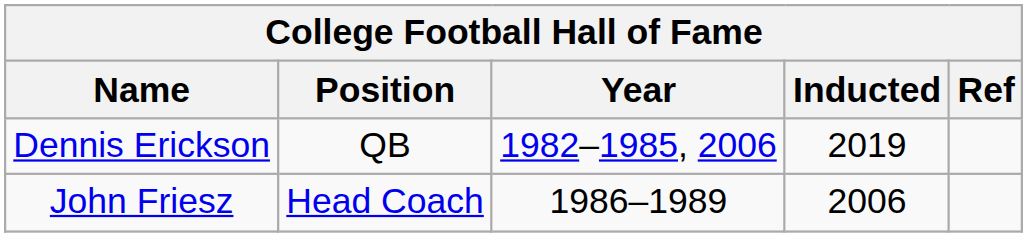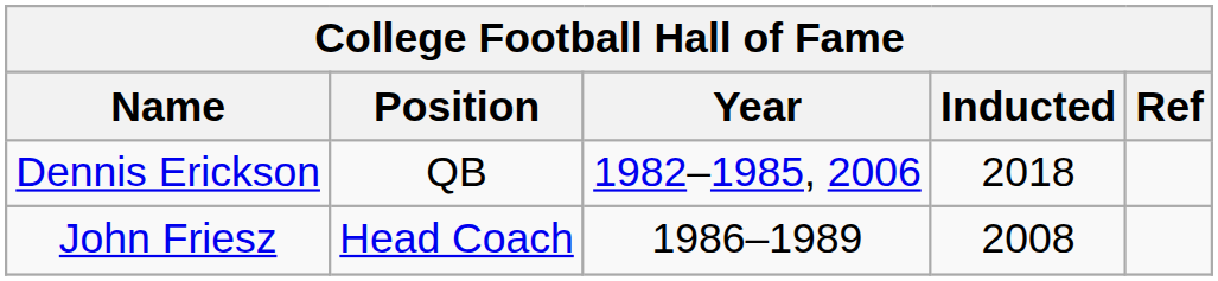 <table class="wikitable">
 <tr align="center">
 <th colspan=5>College Football Hall of Fame</th>
 </tr>
 <tr>
 <th>Name</th>
 <th>Position</th>
 <th>Year</th>
 <th>Inducted</th>
 <th>Ref</th>
 </tr>
 <tr align="center" bgcolor="">
 <td><a href='#'>Dennis Erickson</a></td>
 <td>QB</td>
 <td><a href='#'>1982</a>–<a href='#'>1985</a>, <a href='#'>2006</a></td>
-<td>2019</td>
+<td>2018</td>
 <td></td>
 </tr>
 <tr align="center" bgcolor="">
 <td><a href='#'>John Friesz</a></td>
 <td><a href='#'>Head Coach</a></td>
 <td>1986–1989</td>
-<td>2006</td>
+<td>2008</td>
 <td></td>
 </tr>
 </table>
